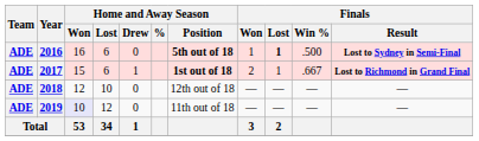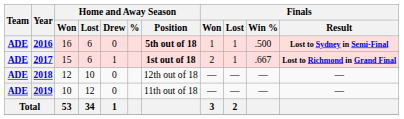 <table class="wikitable" style="font-size: 95%; text-align:center;">
 <tr>
 <th rowspan="2">Team</th>
 <th rowspan="2">Year</th>
 <th colspan="5">Home and Away Season</th>
 <th colspan="4">Finals</th>
 </tr>
 <tr>
 <th>Won</th>
 <th>Lost</th>
 <th>Drew</th>
 <th>%</th>
 <th>Position</th>
 <th>Won</th>
 <th>Lost</th>
 <th>Win %</th>
 <th>Result</th>
 </tr>
 <tr ! style="background:#fdd;">
 <th><a href='#'>ADE</a></th>
 <th><a href='#'>2016</a></th>
 <td>16</td>
 <td>6</td>
 <td>0</td>
 <td></td>
 <td><strong>5th out of 18</strong></td>
 <td>1</td>
-<td><strong>1</strong></td>
+<td>1</td>
 <td>.500</td>
 <td><small><strong>Lost to <a href='#'>Sydney</a> in <a href='#'>Semi-Final</a></strong></small></td>
 </tr>
 <tr ! style="background:#fdd;">
 <th><a href='#'>ADE</a></th>
 <th><a href='#'>2017</a></th>
 <td>15</td>
 <td>6</td>
 <td>1</td>
 <td></td>
 <td><strong>1st out of 18</strong></td>
 <td>2</td>
 <td>1</td>
 <td>.667</td>
 <td><small><strong>Lost to <a href='#'>Richmond</a> in <a href='#'>Grand Final</a></strong></small></td>
 </tr>
 <tr>
 <th><a href='#'>ADE</a></th>
 <th><a href='#'>2018</a></th>
 <td>12</td>
 <td>10</td>
 <td>0</td>
 <td></td>
 <td>12th out of 18</td>
 <td>—</td>
 <td>—</td>
 <td>—</td>
 <td>—</td>
 </tr>
 <tr>
 <th><a href='#'>ADE</a></th>
 <th><a href='#'>2019</a></th>
-<td style="background: lavender;">10</td>
+<td>10</td>
 <td>12</td>
 <td>0</td>
 <td></td>
 <td>11th out of 18</td>
 <td>—</td>
 <td>—</td>
 <td>—</td>
 <td>—</td>
 </tr>
 <tr !>
 <th colspan="2">Total</th>
 <th>53</th>
 <th>34</th>
 <th>1</th>
 <th></th>
 <th></th>
 <th>3</th>
 <th>2</th>
 <th></th>
 <th></th>
 </tr>
 <tr>
 </tr>
 </table>
